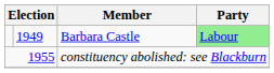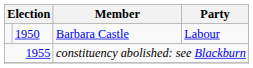 <table class="wikitable">
 <tr>
 <th colspan="2">Election</th>
 <th>Member</th>
 <th>Party</th>
 </tr>
 <tr>
 <td style="color:inherit;background-color: "></td>
-<td><a href='#'>1949</a></td>
+<td><a href='#'>1950</a></td>
 <td><a href='#'>Barbara Castle</a></td>
-<td style="background: lightgreen;"><a href='#'>Labour</a></td>
+<td><a href='#'>Labour</a></td>
 </tr>
 <tr>
 <td colspan=2 align="right"><a href='#'>1955</a></td>
 <td colspan="2"><em>constituency abolished: see <a href='#'>Blackburn</a></em></td>
 </tr>
 <tr>
 </tr>
 </table>
